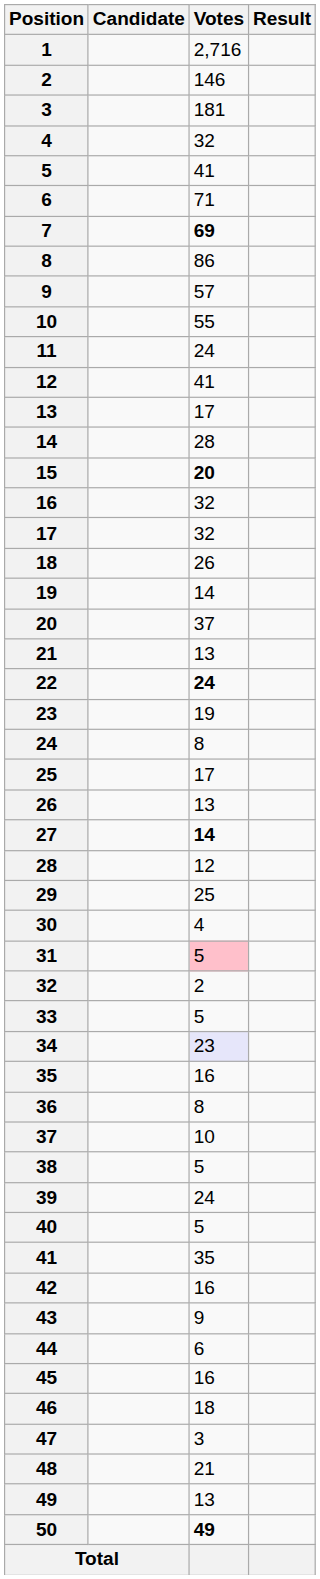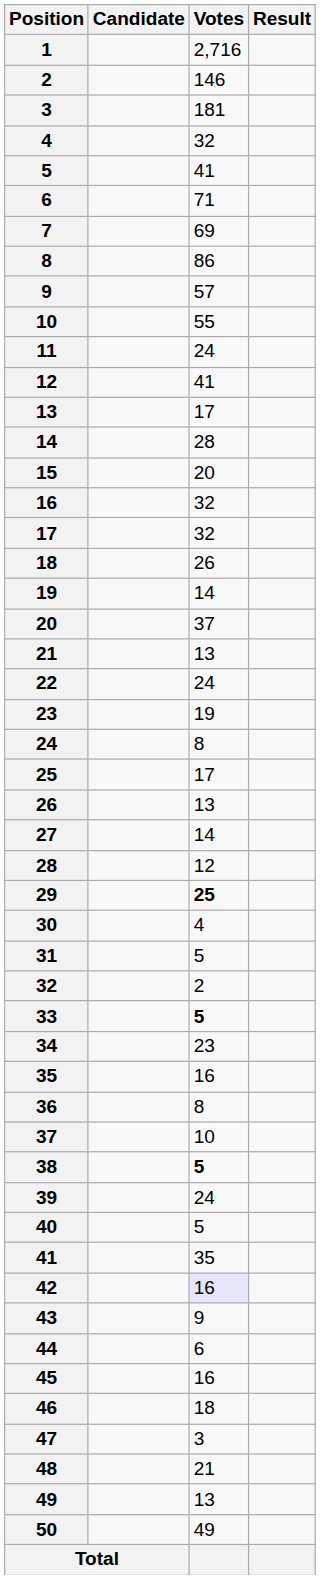 <table class="wikitable sortable col3right">
 <tr>
 <th scope="col">Position</th>
 <th scope="col">Candidate</th>
 <th scope="col">Votes</th>
 <th scope="col">Result</th>
 </tr>
 <tr>
 <th scope="row">1</th>
 <td></td>
 <td>2,716</td>
 <td></td>
 </tr>
 <tr>
 <th scope="row">2</th>
 <td></td>
 <td>146</td>
 <td></td>
 </tr>
 <tr>
 <th scope="row">3</th>
 <td></td>
 <td>181</td>
 <td></td>
 </tr>
 <tr>
 <th scope="row">4</th>
 <td></td>
 <td>32</td>
 <td></td>
 </tr>
 <tr>
 <th scope="row">5</th>
 <td></td>
 <td>41</td>
 <td></td>
 </tr>
 <tr>
 <th scope="row">6</th>
 <td></td>
 <td>71</td>
 <td></td>
 </tr>
 <tr>
 <th scope="row">7</th>
 <td></td>
-<td><strong>69</strong></td>
+<td>69</td>
 <td></td>
 </tr>
 <tr>
 <th scope="row">8</th>
 <td></td>
 <td>86</td>
 <td></td>
 </tr>
 <tr>
 <th scope="row">9</th>
 <td></td>
 <td>57</td>
 <td></td>
 </tr>
 <tr>
 <th scope="row">10</th>
 <td></td>
 <td>55</td>
 <td></td>
 </tr>
 <tr>
 <th scope="row">11</th>
 <td></td>
 <td>24</td>
 <td></td>
 </tr>
 <tr>
 <th scope="row">12</th>
 <td></td>
 <td>41</td>
 <td></td>
 </tr>
 <tr>
 <th scope="row">13</th>
 <td></td>
 <td>17</td>
 <td></td>
 </tr>
 <tr>
 <th scope="row">14</th>
 <td></td>
 <td>28</td>
 <td></td>
 </tr>
 <tr>
 <th scope="row">15</th>
 <td></td>
-<td><strong>20</strong></td>
+<td>20</td>
 <td></td>
 </tr>
 <tr>
 <th scope="row">16</th>
 <td></td>
 <td>32</td>
 <td></td>
 </tr>
 <tr>
 <th scope="row">17</th>
 <td></td>
 <td>32</td>
 <td></td>
 </tr>
 <tr>
 <th scope="row">18</th>
 <td></td>
 <td>26</td>
 <td></td>
 </tr>
 <tr>
 <th scope="row">19</th>
 <td></td>
 <td>14</td>
 <td></td>
 </tr>
 <tr>
 <th scope="row">20</th>
 <td></td>
 <td>37</td>
 <td></td>
 </tr>
 <tr>
 <th scope="row">21</th>
 <td></td>
 <td>13</td>
 <td></td>
 </tr>
 <tr>
 <th scope="row">22</th>
 <td></td>
-<td><strong>24</strong></td>
+<td>24</td>
 <td></td>
 </tr>
 <tr>
 <th scope="row">23</th>
 <td></td>
 <td>19</td>
 <td></td>
 </tr>
 <tr>
 <th scope="row">24</th>
 <td></td>
 <td>8</td>
 <td></td>
 </tr>
 <tr>
 <th scope="row">25</th>
 <td></td>
 <td>17</td>
 <td></td>
 </tr>
 <tr>
 <th scope="row">26</th>
 <td></td>
 <td>13</td>
 <td></td>
 </tr>
 <tr>
 <th scope="row">27</th>
 <td></td>
-<td><strong>14</strong></td>
+<td>14</td>
 <td></td>
 </tr>
 <tr>
 <th scope="row">28</th>
 <td></td>
 <td>12</td>
 <td></td>
 </tr>
 <tr>
 <th scope="row">29</th>
 <td></td>
-<td>25</td>
+<td><strong>25</strong></td>
 <td></td>
 </tr>
 <tr>
 <th scope="row">30</th>
 <td></td>
 <td>4</td>
 <td></td>
 </tr>
 <tr>
 <th scope="row">31</th>
 <td></td>
-<td style="background: pink;">5</td>
+<td>5</td>
 <td></td>
 </tr>
 <tr>
 <th scope="row">32</th>
 <td></td>
 <td>2</td>
 <td></td>
 </tr>
 <tr>
 <th scope="row">33</th>
 <td></td>
-<td>5</td>
+<td><strong>5</strong></td>
 <td></td>
 </tr>
 <tr>
 <th scope="row">34</th>
 <td></td>
-<td style="background: lavender;">23</td>
+<td>23</td>
 <td></td>
 </tr>
 <tr>
 <th scope="row">35</th>
 <td></td>
 <td>16</td>
 <td></td>
 </tr>
 <tr>
 <th scope="row">36</th>
 <td></td>
 <td>8</td>
 <td></td>
 </tr>
 <tr>
 <th scope="row">37</th>
 <td></td>
 <td>10</td>
 <td></td>
 </tr>
 <tr>
 <th scope="row">38</th>
 <td></td>
-<td>5</td>
+<td><strong>5</strong></td>
 <td></td>
 </tr>
 <tr>
 <th scope="row">39</th>
 <td></td>
 <td>24</td>
 <td></td>
 </tr>
 <tr>
 <th scope="row">40</th>
 <td></td>
 <td>5</td>
 <td></td>
 </tr>
 <tr>
 <th scope="row">41</th>
 <td></td>
 <td>35</td>
 <td></td>
 </tr>
 <tr>
 <th scope="row">42</th>
 <td></td>
-<td>16</td>
+<td style="background: lavender;">16</td>
 <td></td>
 </tr>
 <tr>
 <th scope="row">43</th>
 <td></td>
 <td>9</td>
 <td></td>
 </tr>
 <tr>
 <th scope="row">44</th>
 <td></td>
 <td>6</td>
 <td></td>
 </tr>
 <tr>
 <th scope="row">45</th>
 <td></td>
 <td>16</td>
 <td></td>
 </tr>
 <tr>
 <th scope="row">46</th>
 <td></td>
 <td>18</td>
 <td></td>
 </tr>
 <tr>
 <th scope="row">47</th>
 <td></td>
 <td>3</td>
 <td></td>
 </tr>
 <tr>
 <th scope="row">48</th>
 <td></td>
 <td>21</td>
 <td></td>
 </tr>
 <tr>
 <th scope="row">49</th>
 <td></td>
 <td>13</td>
 <td></td>
 </tr>
 <tr>
 <th scope="row">50</th>
 <td></td>
-<td><strong>49</strong></td>
+<td>49</td>
 <td></td>
 </tr>
 <tr class="sortbottom">
 <th scope="row" colspan="2">Total</th>
 <th></th>
 <th></th>
 </tr>
 </table>
